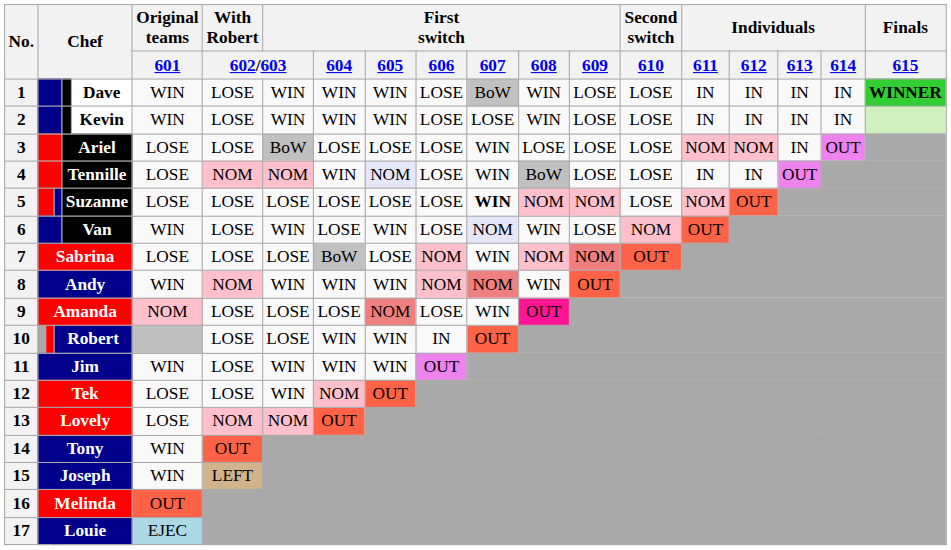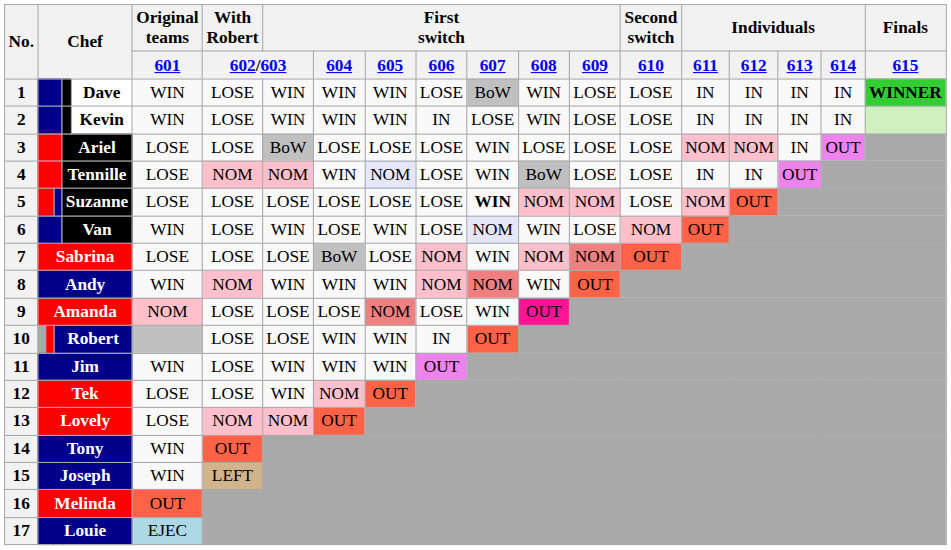 <table class="wikitable" style="text-align:center; padding-right:6px; padding-left:6px ">
 <tr>
 <th rowspan="2">No.</th>
 <th colspan="6" rowspan="2">Chef</th>
 <th>Original<br>teams</th>
 <th>With<br> Robert</th>
 <th colspan=7>First<br>switch</th>
 <th>Second<br>switch</th>
 <th colspan=4>Individuals</th>
 <th>Finals</th>
 </tr>
 <tr>
 <th scope="col"><a href='#'>601</a></th>
 <th colspan="2"><a href='#'>602</a>/<a href='#'>603</a></th>
 <th scope="col"><a href='#'>604</a></th>
 <th scope="col"><a href='#'>605</a></th>
 <th scope="col"><a href='#'>606</a></th>
 <th scope="col"><a href='#'>607</a></th>
 <th scope="col"><a href='#'>608</a></th>
 <th scope="col"><a href='#'>609</a></th>
 <th scope="col"><a href='#'>610</a></th>
 <th scope="col"><a href='#'>611</a></th>
 <th scope="col"><a href='#'>612</a></th>
 <th scope="col"><a href='#'>613</a></th>
 <th scope="col"><a href='#'>614</a></th>
 <th scope="col"><a href='#'>615</a></th>
 </tr>
 <tr>
 <th>1</th>
 <th colspan="4" style="background:darkblue; color:#fff;"></th>
 <th style="background:black; color:#000;"></th>
 <th style="background:white; color:#000;">Dave</th>
 <td>WIN</td>
 <td>LOSE</td>
 <td>WIN</td>
 <td>WIN</td>
 <td>WIN</td>
 <td>LOSE</td>
 <td style="background:silver">BoW</td>
 <td>WIN</td>
 <td>LOSE</td>
 <td>LOSE</td>
 <td>IN</td>
 <td>IN</td>
 <td>IN</td>
 <td>IN</td>
 <td style="background:limegreen"><strong>WINNER</strong></td>
 </tr>
 <tr>
 <th>2</th>
 <th colspan="4" style="background:darkblue; color:#fff;"></th>
 <th style="background:black; color:#000;"></th>
 <th style="background:white; color:#000;">Kevin</th>
 <td>WIN</td>
 <td>LOSE</td>
 <td>WIN</td>
 <td>WIN</td>
 <td>WIN</td>
-<td>LOSE</td>
+<td>IN</td>
 <td>LOSE</td>
 <td>WIN</td>
 <td>LOSE</td>
 <td>LOSE</td>
 <td>IN</td>
 <td>IN</td>
 <td>IN</td>
 <td>IN</td>
 <td style="background:#D0F0C0"></td>
 </tr>
 <tr>
 <th>3</th>
 <th colspan="4" style="background:red; color:#000;"></th>
 <th colspan="2" style="background:#000; color:white;">Ariel</th>
 <td>LOSE</td>
 <td>LOSE</td>
 <td style="background:silver;">BoW</td>
 <td>LOSE</td>
 <td>LOSE</td>
 <td>LOSE</td>
 <td>WIN</td>
 <td>LOSE</td>
 <td>LOSE</td>
 <td>LOSE</td>
 <td style="background:pink">NOM</td>
 <td style="background:pink">NOM</td>
 <td>IN</td>
 <td style="background:violet">OUT</td>
 <td colspan="1" style="background:darkgray;"></td>
 </tr>
 <tr>
 <th>4</th>
 <th colspan="4" style="background:red; color:#000;"></th>
 <th colspan="2" style="background:#000; color:white;">Tennille</th>
 <td>LOSE</td>
 <td style="background:pink">NOM</td>
 <td style="background:pink">NOM</td>
 <td>WIN</td>
 <td style="background:lavender">NOM</td>
 <td>LOSE</td>
 <td>WIN</td>
 <td style="background:silver">BoW</td>
 <td>LOSE</td>
 <td>LOSE</td>
 <td>IN</td>
 <td>IN</td>
 <td style="background:violet">OUT</td>
 <td colspan="2" style="background:darkgray;"></td>
 </tr>
 <tr>
 <th>5</th>
 <th colspan="3" style="background:red; color:#000;"></th>
 <th style="background:darkblue; color:#000;"></th>
 <th colspan="2" style="background:#000; color:white;">Suzanne</th>
 <td>LOSE</td>
 <td>LOSE</td>
 <td>LOSE</td>
 <td>LOSE</td>
 <td>LOSE</td>
 <td>LOSE</td>
 <td><strong>WIN</strong></td>
 <td style="background:pink">NOM</td>
 <td style="background:pink">NOM</td>
 <td>LOSE</td>
 <td style="background:pink">NOM</td>
 <td style="background:tomato">OUT</td>
 <td colspan="3" style="background:darkgray;"></td>
 </tr>
 <tr>
 <th>6</th>
 <th colspan="4" style="background:darkblue; color:#fff;"></th>
 <th colspan="2" style="background:#000; color:white;">Van</th>
 <td>WIN</td>
 <td>LOSE</td>
 <td>WIN</td>
 <td>LOSE</td>
 <td>WIN</td>
 <td>LOSE</td>
 <td style="background:lavender">NOM</td>
 <td>WIN</td>
 <td>LOSE</td>
 <td style="background:pink">NOM</td>
 <td style="background:tomato">OUT</td>
 <td colspan="4" style="background:darkgray;"></td>
 </tr>
 <tr>
 <th>7</th>
 <th colspan="6" style="background:red; color:white;">Sabrina</th>
 <td>LOSE</td>
 <td>LOSE</td>
 <td>LOSE</td>
 <td style="background:silver">BoW</td>
 <td>LOSE</td>
 <td style="background:pink">NOM</td>
 <td>WIN</td>
 <td style="background:pink">NOM</td>
 <td style="background:lightcoral">NOM</td>
 <td style="background:tomato">OUT</td>
 <td colspan="5" style="background:darkgray;"></td>
 </tr>
 <tr>
 <th>8</th>
 <th colspan="6" style="background:darkblue; color:white;">Andy</th>
 <td>WIN</td>
 <td style="background:pink">NOM</td>
 <td>WIN</td>
 <td>WIN</td>
 <td>WIN</td>
 <td style="background:pink">NOM</td>
 <td style="background:lightcoral">NOM</td>
 <td>WIN</td>
 <td style="background:tomato">OUT</td>
 <td colspan="6" style="background:darkgray;"></td>
 </tr>
 <tr>
 <th>9</th>
 <th colspan="6" style="background:red; color:white;">Amanda</th>
 <td style="background:pink">NOM</td>
 <td>LOSE</td>
 <td>LOSE</td>
 <td>LOSE</td>
 <td style="background:lightcoral">NOM</td>
 <td>LOSE</td>
 <td>WIN</td>
 <td style="background:deeppink">OUT</td>
 <td colspan="7" style="background:darkgray;"></td>
 </tr>
 <tr>
 <th>10</th>
 <th style="background:darkgray; color:black;"></th>
 <th style="background:red; color:black;"></th>
 <th colspan="4" style="background:darkblue; color:white;">Robert</th>
 <td style="background:silver"></td>
 <td>LOSE</td>
 <td>LOSE</td>
 <td>WIN</td>
 <td>WIN</td>
 <td>IN</td>
 <td style="background:tomato">OUT</td>
 <td colspan="8" style="background:darkgray;"></td>
 </tr>
 <tr>
 <th>11</th>
 <th colspan="6" style="background:darkblue; color:white;">Jim</th>
 <td>WIN</td>
 <td>LOSE</td>
 <td>WIN</td>
 <td>WIN</td>
 <td>WIN</td>
 <td style="background:violet">OUT</td>
 <td colspan="9" style="background:darkgray;"></td>
 </tr>
 <tr>
 <th>12</th>
 <th colspan="6" style="background:red; color:white;">Tek</th>
 <td>LOSE</td>
 <td>LOSE</td>
 <td>WIN</td>
 <td style="background:pink">NOM</td>
 <td style="background:tomato">OUT</td>
 <td colspan="10" style="background:darkgray;"></td>
 </tr>
 <tr>
 <th>13</th>
 <th colspan="6" style="background:red; color:white;">Lovely</th>
 <td>LOSE</td>
 <td style="background:pink">NOM</td>
 <td style="background:pink">NOM</td>
 <td style="background:tomato">OUT</td>
 <td colspan="11" style="background:darkgray;"></td>
 </tr>
 <tr>
 <th>14</th>
 <th colspan="6" style="background:darkblue; color:white;">Tony</th>
 <td>WIN</td>
 <td style="background:tomato">OUT</td>
 <td colspan="13" style="background:darkgray;"></td>
 </tr>
 <tr>
 <th>15</th>
 <th colspan="6" style="background:darkblue; color:white;">Joseph</th>
 <td>WIN</td>
 <td style="background:tan">LEFT</td>
 <td colspan="13" style="background:darkgray;"></td>
 </tr>
 <tr>
 <th>16</th>
 <th colspan="6" style="background:red; color:white;">Melinda</th>
 <td style="background:tomato">OUT</td>
 <td colspan="14" style="background:darkgray;"></td>
 </tr>
 <tr>
 <th>17</th>
 <th colspan="6" style="background:darkblue; color:white;">Louie</th>
 <td style="background:lightblue">EJEC</td>
 <td colspan="14" style="background:darkgray;"></td>
 </tr>
 </table>
